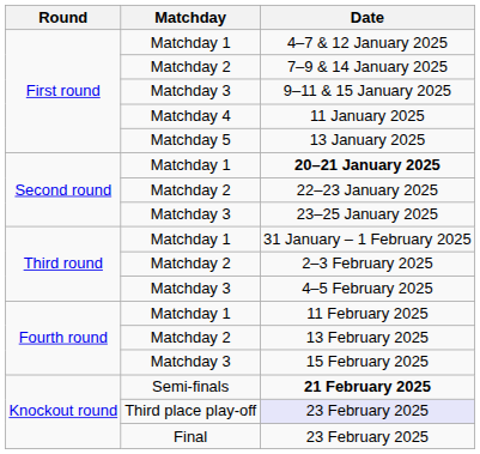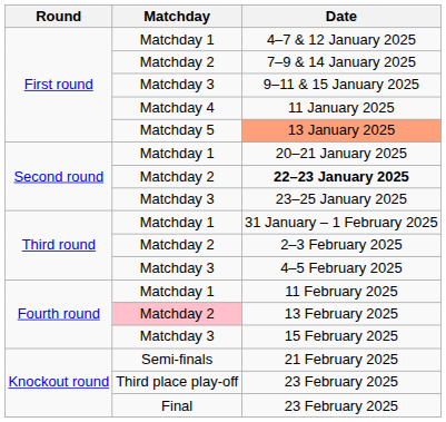 <table class="wikitable" style="text-align:center">
 <tr>
 <th>Round</th>
 <th>Matchday</th>
 <th>Date</th>
 </tr>
 <tr>
 <td rowspan="5"><a href='#'>First round</a></td>
 <td>Matchday 1</td>
 <td>4–7 & 12 January 2025</td>
 </tr>
 <tr>
 <td>Matchday 2</td>
 <td>7–9 & 14 January 2025</td>
 </tr>
 <tr>
 <td>Matchday 3</td>
 <td>9–11 & 15 January 2025</td>
 </tr>
 <tr>
 <td>Matchday 4</td>
 <td>11 January 2025</td>
 </tr>
 <tr>
 <td>Matchday 5</td>
-<td>13 January 2025</td>
+<td style="background: lightsalmon;">13 January 2025</td>
 </tr>
 <tr>
 <td rowspan="3"><a href='#'>Second round</a></td>
 <td>Matchday 1</td>
-<td><strong>20–21 January 2025</strong></td>
+<td>20–21 January 2025</td>
 </tr>
 <tr>
 <td>Matchday 2</td>
-<td>22–23 January 2025</td>
+<td><strong>22–23 January 2025</strong></td>
 </tr>
 <tr>
 <td>Matchday 3</td>
 <td>23–25 January 2025</td>
 </tr>
 <tr>
 <td rowspan="3"><a href='#'>Third round</a></td>
 <td>Matchday 1</td>
 <td>31 January – 1 February 2025</td>
 </tr>
 <tr>
 <td>Matchday 2</td>
 <td>2–3 February 2025</td>
 </tr>
 <tr>
 <td>Matchday 3</td>
 <td>4–5 February 2025</td>
 </tr>
 <tr>
 <td rowspan="3"><a href='#'>Fourth round</a></td>
 <td>Matchday 1</td>
 <td>11 February 2025</td>
 </tr>
 <tr>
-<td>Matchday 2</td>
+<td style="background: pink;">Matchday 2</td>
 <td>13 February 2025</td>
 </tr>
 <tr>
 <td>Matchday 3</td>
 <td>15 February 2025</td>
 </tr>
 <tr>
 <td rowspan="3"><a href='#'>Knockout round</a></td>
 <td>Semi-finals</td>
-<td><strong>21 February 2025</strong></td>
+<td>21 February 2025</td>
 </tr>
 <tr>
 <td>Third place play-off</td>
-<td style="background: lavender;">23 February 2025</td>
+<td>23 February 2025</td>
 </tr>
 <tr>
 <td>Final</td>
 <td>23 February 2025</td>
 </tr>
 </table>
